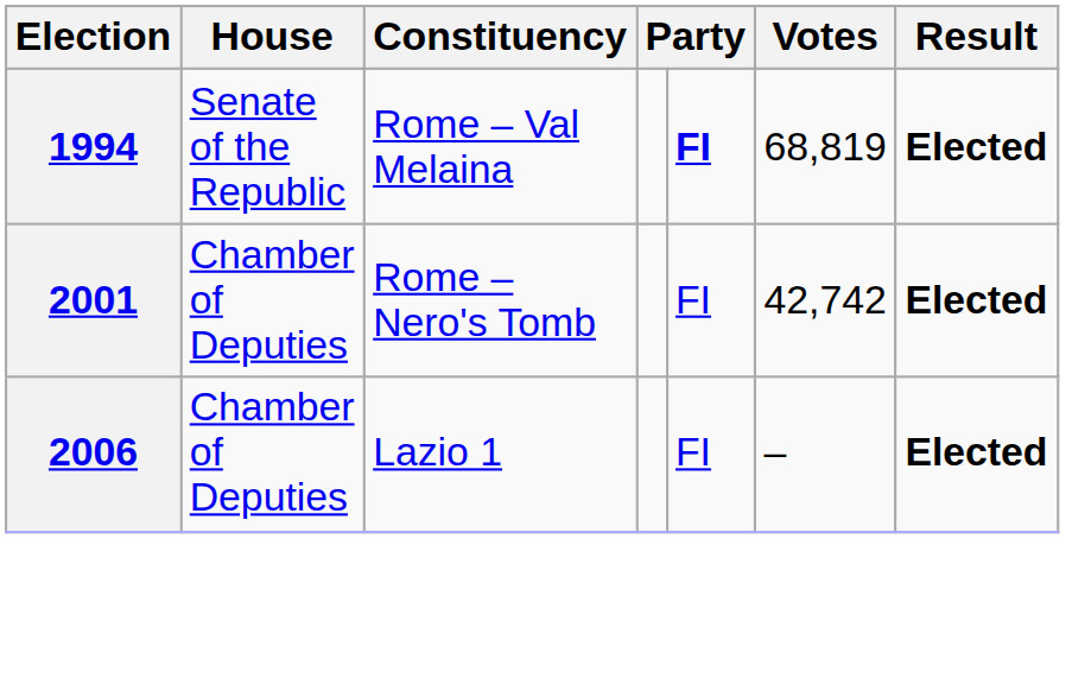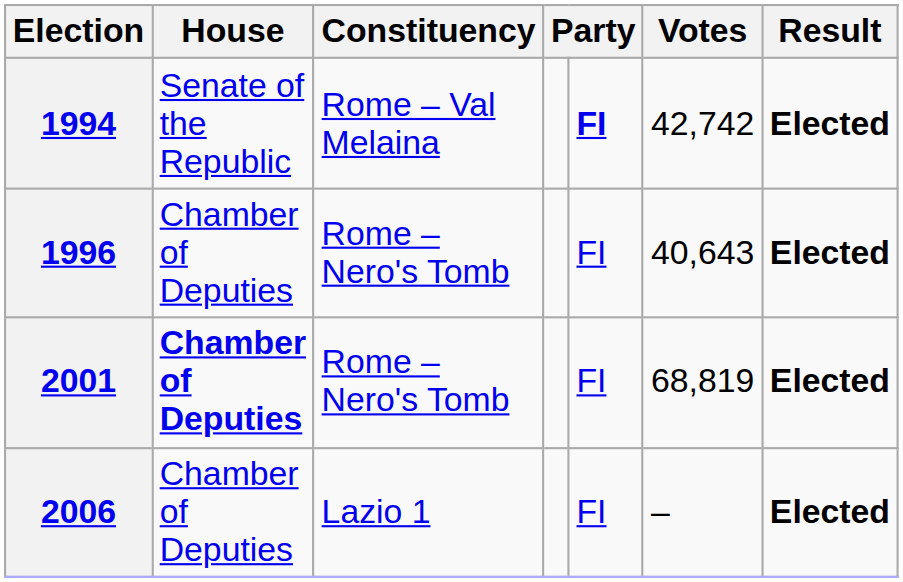 <table class=wikitable style="width:55%; border:1px #AAAAFF solid">
 <tr>
 <th width=12%>Election</th>
 <th width=25%>House</th>
 <th width=25%>Constituency</th>
 <th width=5% colspan="2">Party</th>
 <th width=12%>Votes</th>
 <th width=15%>Result</th>
 </tr>
 <tr>
 <th><a href='#'>1994</a></th>
 <td><a href='#'>Senate of the Republic</a></td>
 <td><a href='#'>Rome – Val Melaina</a></td>
 <td></td>
 <td><strong><a href='#'>FI</a></strong></td>
-<td>68,819</td>
+<td>42,742</td>
+<td> <strong>Elected</strong></td>
+</tr>
+<tr>
+<th><a href='#'>1996</a></th>
+<td><a href='#'>Chamber of Deputies</a></td>
+<td><a href='#'>Rome – Nero's Tomb</a></td>
+<td></td>
+<td><a href='#'>FI</a></td>
+<td>40,643</td>
 <td> <strong>Elected</strong></td>
 </tr>
 <tr>
 <th><a href='#'>2001</a></th>
-<td><a href='#'>Chamber of Deputies</a></td>
+<td><strong><a href='#'>Chamber of Deputies</a></strong></td>
 <td><a href='#'>Rome – Nero's Tomb</a></td>
 <td></td>
 <td><a href='#'>FI</a></td>
-<td>42,742</td>
+<td>68,819</td>
 <td> <strong>Elected</strong></td>
 </tr>
 <tr>
 <th><a href='#'>2006</a></th>
 <td><a href='#'>Chamber of Deputies</a></td>
 <td><a href='#'>Lazio 1</a></td>
 <td></td>
 <td><a href='#'>FI</a></td>
 <td>–</td>
 <td> <strong>Elected</strong></td>
 </tr>
 <tr>
 </tr>
 </table>
